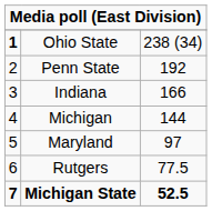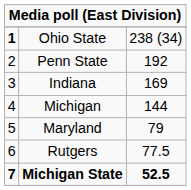 <table class="wikitable" style="display: inline-table;">
 <tr>
 <td colspan="3" align="center"><strong>Media poll (East Division)</strong></td>
 </tr>
 <tr align="center">
 </tr>
 <tr align="center">
 <td><strong>1</strong></td>
 <td>Ohio State</td>
 <td>238 (34)</td>
 </tr>
 <tr align="center">
 <td>2</td>
 <td>Penn State</td>
 <td>192</td>
 </tr>
 <tr align="center">
 <td>3</td>
 <td>Indiana</td>
-<td>166</td>
+<td>169</td>
 </tr>
 <tr align="center">
 <td>4</td>
 <td>Michigan</td>
 <td>144</td>
 </tr>
 <tr align="center">
 <td>5</td>
 <td>Maryland</td>
-<td>97</td>
+<td>79</td>
 </tr>
 <tr align="center">
 <td>6</td>
 <td>Rutgers</td>
 <td>77.5</td>
 </tr>
 <tr align="center">
 <td><strong>7</strong></td>
 <td><strong>Michigan State</strong></td>
 <td><strong>52.5</strong></td>
 </tr>
 </table>
